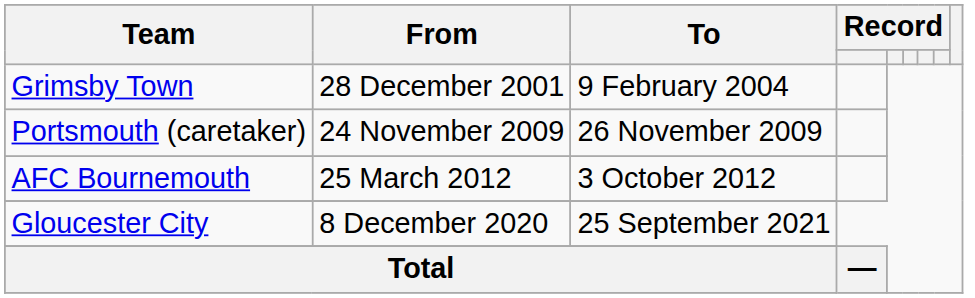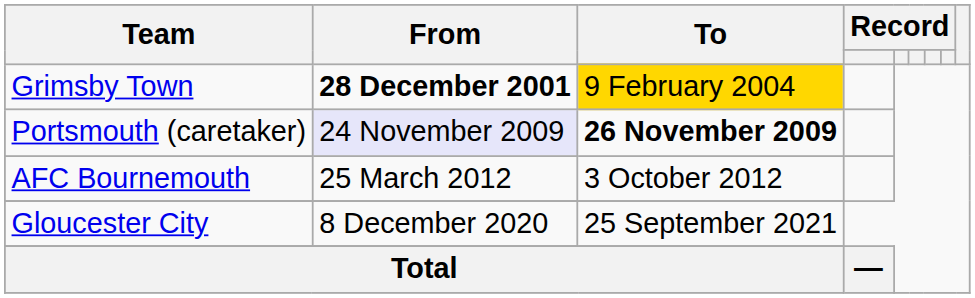 <table class=wikitable style="text-align: center">
 <tr>
 <th rowspan=2>Team</th>
 <th rowspan=2>From</th>
 <th rowspan=2>To</th>
 <th colspan=5>Record</th>
 <th rowspan=2></th>
 </tr>
 <tr>
 <th></th>
 <th></th>
 <th></th>
 <th></th>
 <th></th>
 </tr>
 <tr>
 <td align=left><a href='#'>Grimsby Town</a></td>
-<td align=left>28 December 2001</td>
-<td align=left>9 February 2004<br></td>
+<td align=left><strong>28 December 2001</strong></td>
+<td align=left style="background: gold;">9 February 2004<br></td>
 <td></td>
 </tr>
 <tr>
 <td align=left><a href='#'>Portsmouth</a> (caretaker)</td>
-<td align=left>24 November 2009</td>
-<td align=left>26 November 2009<br></td>
+<td align=left style="background: lavender;">24 November 2009</td>
+<td align=left><strong>26 November 2009<br></strong></td>
 <td></td>
 </tr>
 <tr>
 <td align=left><a href='#'>AFC Bournemouth</a></td>
 <td align=left>25 March 2012</td>
 <td align=left>3 October 2012<br></td>
 <td></td>
 </tr>
 <tr>
 </tr>
 <tr>
 <td align=left><a href='#'>Gloucester City</a></td>
 <td align=left>8 December 2020</td>
 <td align=left>25 September 2021<br></td>
 </tr>
 <tr>
 </tr>
 <tr>
 <th colspan=3>Total<br></th>
 <th>—</th>
 </tr>
 </table>
